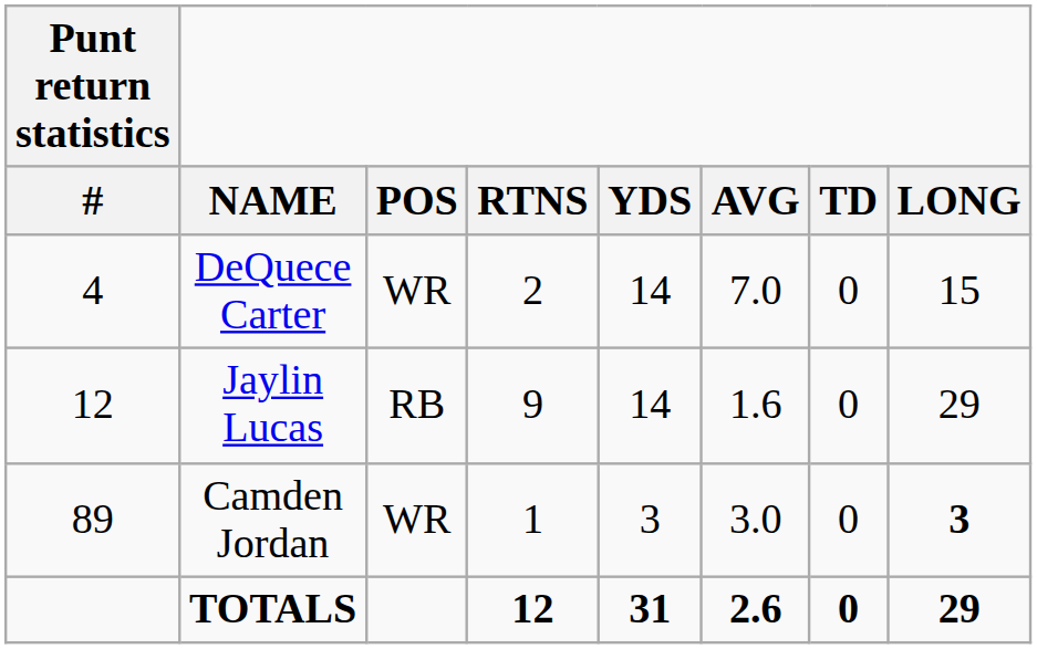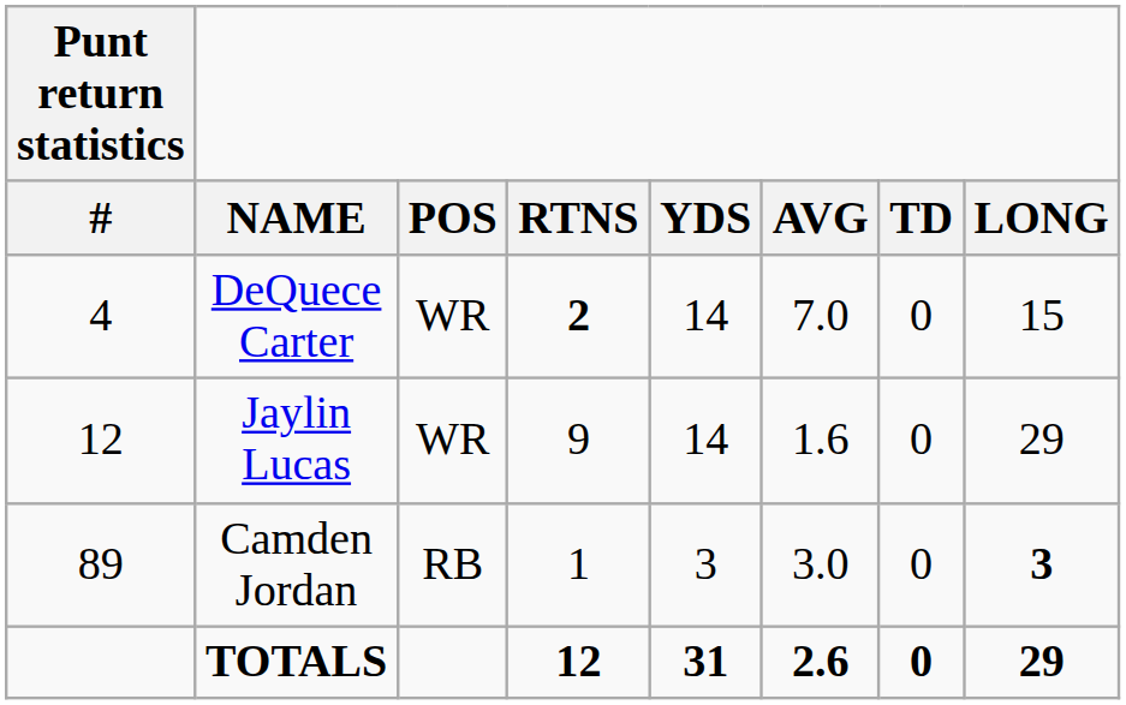 <table style="width:60%; text-align:center;" class="wikitable collapsible collapsed">
 <tr>
 <th style="text-align:center; ">Punt return statistics</th>
 </tr>
 <tr>
 <th>#</th>
 <th>NAME</th>
 <th>POS</th>
 <th>RTNS</th>
 <th>YDS</th>
 <th>AVG</th>
 <th>TD</th>
 <th>LONG</th>
 </tr>
 <tr>
 <td>4</td>
 <td><a href='#'>DeQuece Carter</a></td>
 <td>WR</td>
-<td>2</td>
+<td><strong>2</strong></td>
 <td>14</td>
 <td>7.0</td>
 <td>0</td>
 <td>15</td>
 </tr>
 <tr>
 <td>12</td>
 <td><a href='#'>Jaylin Lucas</a></td>
-<td>RB</td>
+<td>WR</td>
 <td>9</td>
 <td>14</td>
 <td>1.6</td>
 <td>0</td>
 <td>29</td>
 </tr>
 <tr>
 <td>89</td>
 <td>Camden Jordan</td>
-<td>WR</td>
+<td>RB</td>
 <td>1</td>
 <td>3</td>
 <td>3.0</td>
 <td>0</td>
 <td><strong>3</strong></td>
 </tr>
 <tr>
 <td></td>
 <td><strong>TOTALS</strong></td>
 <td></td>
 <td><strong>12</strong></td>
 <td><strong>31</strong></td>
 <td><strong>2.6</strong></td>
 <td><strong>0</strong></td>
 <td><strong>29</strong></td>
 </tr>
 </table>
